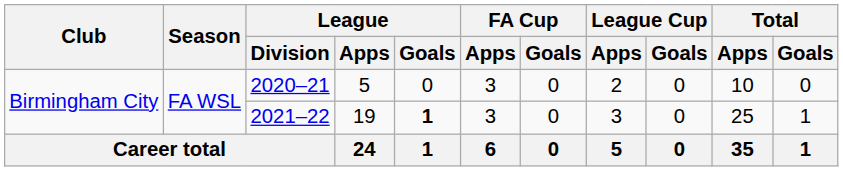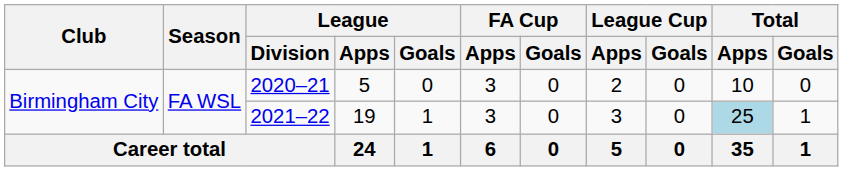 <table class="wikitable" style="text-align: center;">
 <tr>
 <th rowspan="2">Club</th>
 <th rowspan="2">Season</th>
 <th colspan="3">League</th>
 <th colspan="2">FA Cup</th>
 <th colspan="2">League Cup</th>
 <th colspan="2">Total</th>
 </tr>
 <tr>
 <th>Division</th>
 <th>Apps</th>
 <th>Goals</th>
 <th>Apps</th>
 <th>Goals</th>
 <th>Apps</th>
 <th>Goals</th>
 <th>Apps</th>
 <th>Goals</th>
 </tr>
 <tr>
 <td rowspan=2><a href='#'>Birmingham City</a></td>
 <td rowspan=2><a href='#'>FA WSL</a></td>
 <td><a href='#'>2020–21</a></td>
 <td>5</td>
 <td>0</td>
 <td>3</td>
 <td>0</td>
 <td>2</td>
 <td>0</td>
 <td>10</td>
 <td>0</td>
 </tr>
 <tr>
 <td><a href='#'>2021–22</a></td>
 <td>19</td>
-<td><strong>1</strong></td>
+<td>1</td>
 <td>3</td>
 <td>0</td>
 <td>3</td>
 <td>0</td>
-<td>25</td>
+<td style="background: lightblue;">25</td>
 <td>1</td>
 </tr>
 <tr>
 <th colspan="3">Career total</th>
 <th>24</th>
 <th>1</th>
 <th>6</th>
 <th>0</th>
 <th>5</th>
 <th>0</th>
 <th>35</th>
 <th>1</th>
 </tr>
 </table>
